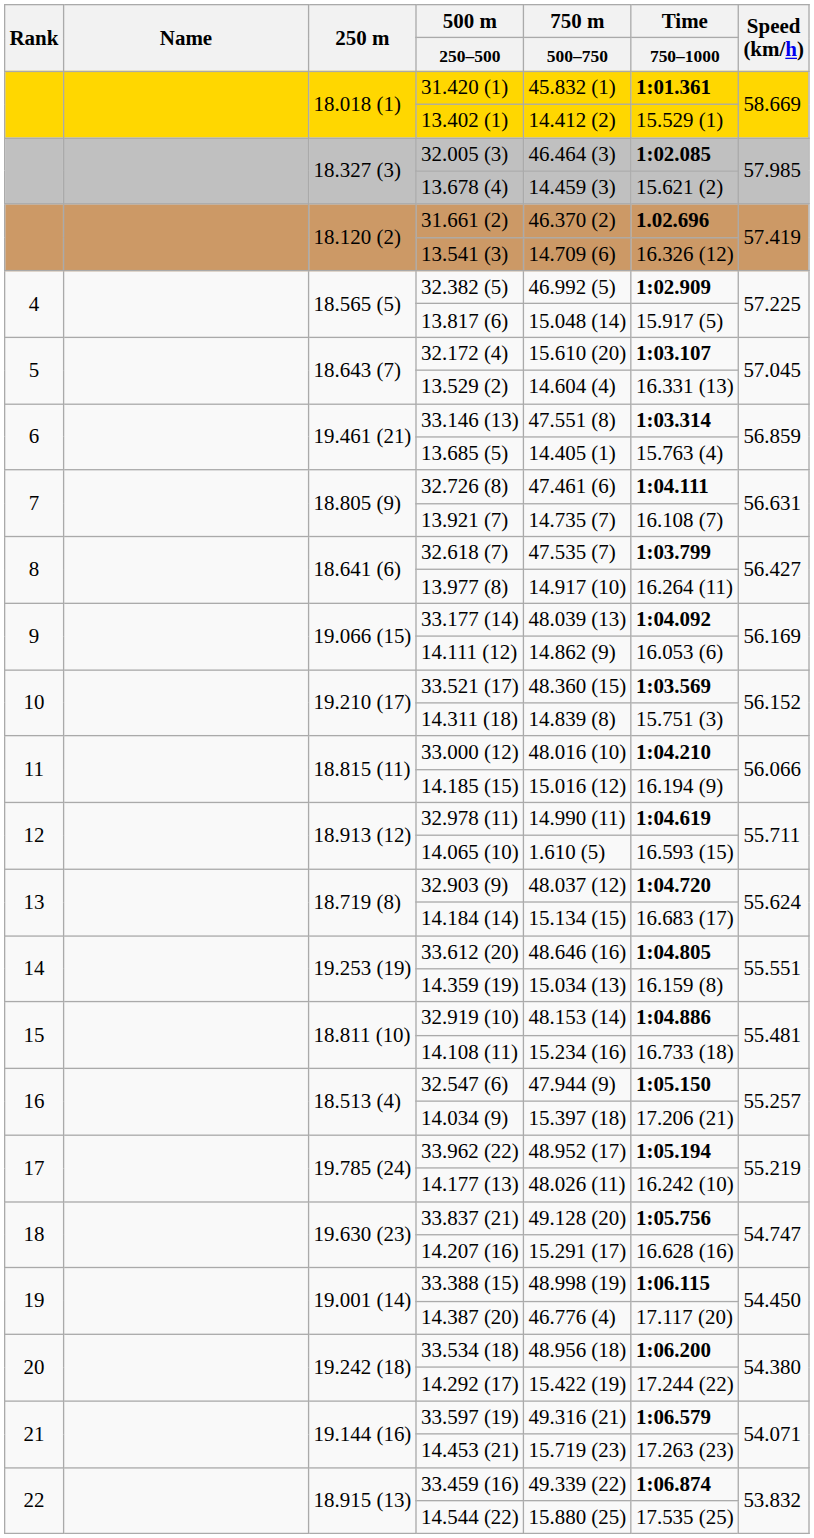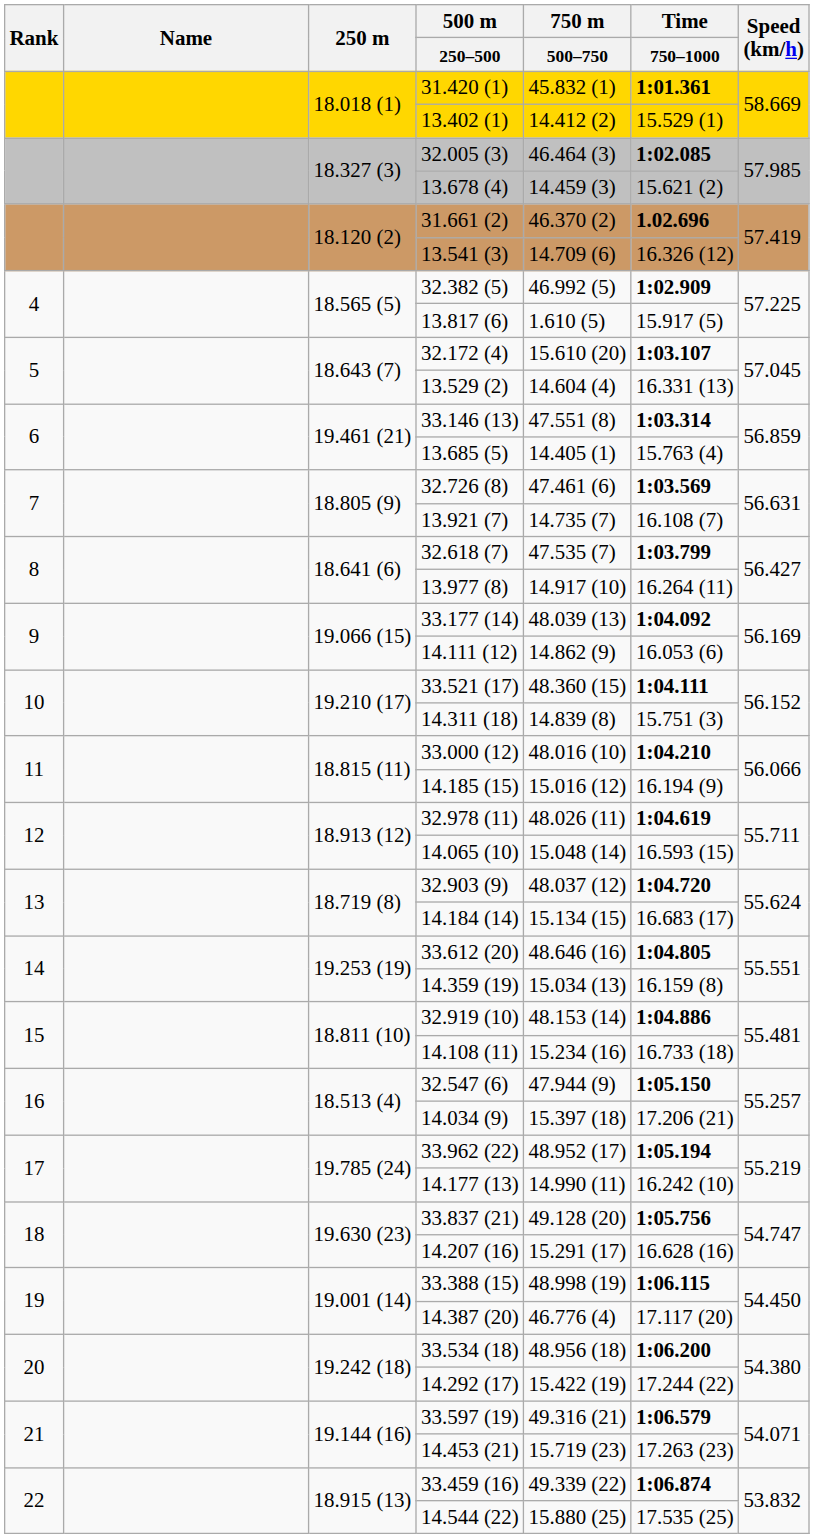 <table class="wikitable">
 <tr>
 <th rowspan=2 width=20>Rank</th>
 <th rowspan=2 width=180>Name</th>
 <th rowspan=2>250 m</th>
 <th>500 m</th>
 <th>750 m</th>
 <th>Time</th>
 <th rowspan=2>Speed<br>(km/<a href='#'>h</a>)</th>
 </tr>
 <tr>
 <th><small>250–500</small></th>
 <th><small>500–750</small></th>
 <th><small>750–1000</small></th>
 </tr>
 <tr bgcolor=gold>
 <td align=center rowspan=2></td>
 <td rowspan=2></td>
 <td rowspan=2>18.018 (1)</td>
 <td>31.420 (1)</td>
 <td>45.832 (1)</td>
 <td><strong>1:01.361</strong></td>
 <td rowspan=2>58.669</td>
 </tr>
 <tr bgcolor=gold>
 <td>13.402 (1)</td>
 <td>14.412 (2)</td>
 <td>15.529 (1)</td>
 </tr>
 <tr bgcolor=silver>
 <td align=center rowspan=2></td>
 <td rowspan=2></td>
 <td rowspan=2>18.327 (3)</td>
 <td>32.005 (3)</td>
 <td>46.464 (3)</td>
 <td><strong>1:02.085</strong></td>
 <td rowspan=2>57.985</td>
 </tr>
 <tr bgcolor=silver>
 <td>13.678 (4)</td>
 <td>14.459 (3)</td>
 <td>15.621 (2)</td>
 </tr>
 <tr bgcolor=cc9966>
 <td align=center rowspan=2></td>
 <td rowspan=2></td>
 <td rowspan=2>18.120 (2)</td>
 <td>31.661 (2)</td>
 <td>46.370 (2)</td>
 <td><strong>1.02.696</strong></td>
 <td rowspan=2>57.419</td>
 </tr>
 <tr bgcolor=cc9966>
 <td>13.541 (3)</td>
 <td>14.709 (6)</td>
 <td>16.326 (12)</td>
 </tr>
 <tr>
 <td align=center rowspan=2>4</td>
 <td rowspan=2></td>
 <td rowspan=2>18.565 (5)</td>
 <td>32.382 (5)</td>
 <td>46.992 (5)</td>
 <td><strong>1:02.909</strong></td>
 <td rowspan=2>57.225</td>
 </tr>
 <tr>
 <td>13.817 (6)</td>
-<td>15.048 (14)</td>
+<td>1.610 (5)</td>
 <td>15.917 (5)</td>
 </tr>
 <tr>
 <td align=center rowspan=2>5</td>
 <td rowspan=2></td>
 <td rowspan=2>18.643 (7)</td>
 <td>32.172 (4)</td>
 <td>15.610 (20)</td>
 <td><strong>1:03.107</strong></td>
 <td rowspan=2>57.045</td>
 </tr>
 <tr>
 <td>13.529 (2)</td>
 <td>14.604 (4)</td>
 <td>16.331 (13)</td>
 </tr>
 <tr>
 <td align=center rowspan=2>6</td>
 <td rowspan=2></td>
 <td rowspan=2>19.461 (21)</td>
 <td>33.146 (13)</td>
 <td>47.551 (8)</td>
 <td><strong>1:03.314</strong></td>
 <td rowspan=2>56.859</td>
 </tr>
 <tr>
 <td>13.685 (5)</td>
 <td>14.405 (1)</td>
 <td>15.763 (4)</td>
 </tr>
 <tr>
 <td align=center rowspan=2>7</td>
 <td rowspan=2></td>
 <td rowspan=2>18.805 (9)</td>
 <td>32.726 (8)</td>
 <td>47.461 (6)</td>
-<td><strong>1:04.111</strong></td>
+<td><strong>1:03.569</strong></td>
 <td rowspan=2>56.631</td>
 </tr>
 <tr>
 <td>13.921 (7)</td>
 <td>14.735 (7)</td>
 <td>16.108 (7)</td>
 </tr>
 <tr>
 <td align=center rowspan=2>8</td>
 <td rowspan=2></td>
 <td rowspan=2>18.641 (6)</td>
 <td>32.618 (7)</td>
 <td>47.535 (7)</td>
 <td><strong>1:03.799</strong></td>
 <td rowspan=2>56.427</td>
 </tr>
 <tr>
 <td>13.977 (8)</td>
 <td>14.917 (10)</td>
 <td>16.264 (11)</td>
 </tr>
 <tr>
 <td align=center rowspan=2>9</td>
 <td rowspan=2></td>
 <td rowspan=2>19.066 (15)</td>
 <td>33.177 (14)</td>
 <td>48.039 (13)</td>
 <td><strong>1:04.092</strong></td>
 <td rowspan=2>56.169</td>
 </tr>
 <tr>
 <td>14.111 (12)</td>
 <td>14.862 (9)</td>
 <td>16.053 (6)</td>
 </tr>
 <tr>
 <td align=center rowspan=2>10</td>
 <td rowspan=2></td>
 <td rowspan=2>19.210 (17)</td>
 <td>33.521 (17)</td>
 <td>48.360 (15)</td>
-<td><strong>1:03.569</strong></td>
+<td><strong>1:04.111</strong></td>
 <td rowspan=2>56.152</td>
 </tr>
 <tr>
 <td>14.311 (18)</td>
 <td>14.839 (8)</td>
 <td>15.751 (3)</td>
 </tr>
 <tr>
 <td align=center rowspan=2>11</td>
 <td rowspan=2></td>
 <td rowspan=2>18.815 (11)</td>
 <td>33.000 (12)</td>
 <td>48.016 (10)</td>
 <td><strong>1:04.210</strong></td>
 <td rowspan=2>56.066</td>
 </tr>
 <tr>
 <td>14.185 (15)</td>
 <td>15.016 (12)</td>
 <td>16.194 (9)</td>
 </tr>
 <tr>
 <td align=center rowspan=2>12</td>
 <td rowspan=2></td>
 <td rowspan=2>18.913 (12)</td>
 <td>32.978 (11)</td>
-<td>14.990 (11)</td>
+<td>48.026 (11)</td>
 <td><strong>1:04.619</strong></td>
 <td rowspan=2>55.711</td>
 </tr>
 <tr>
 <td>14.065 (10)</td>
-<td>1.610 (5)</td>
+<td>15.048 (14)</td>
 <td>16.593 (15)</td>
 </tr>
 <tr>
 <td align=center rowspan=2>13</td>
 <td rowspan=2></td>
 <td rowspan=2>18.719 (8)</td>
 <td>32.903 (9)</td>
 <td>48.037 (12)</td>
 <td><strong>1:04.720</strong></td>
 <td rowspan=2>55.624</td>
 </tr>
 <tr>
 <td>14.184 (14)</td>
 <td>15.134 (15)</td>
 <td>16.683 (17)</td>
 </tr>
 <tr>
 <td align=center rowspan=2>14</td>
 <td rowspan=2></td>
 <td rowspan=2>19.253 (19)</td>
 <td>33.612 (20)</td>
 <td>48.646 (16)</td>
 <td><strong>1:04.805</strong></td>
 <td rowspan=2>55.551</td>
 </tr>
 <tr>
 <td>14.359 (19)</td>
 <td>15.034 (13)</td>
 <td>16.159 (8)</td>
 </tr>
 <tr>
 <td align=center rowspan=2>15</td>
 <td rowspan=2></td>
 <td rowspan=2>18.811 (10)</td>
 <td>32.919 (10)</td>
 <td>48.153 (14)</td>
 <td><strong>1:04.886</strong></td>
 <td rowspan=2>55.481</td>
 </tr>
 <tr>
 <td>14.108 (11)</td>
 <td>15.234 (16)</td>
 <td>16.733 (18)</td>
 </tr>
 <tr>
 <td align=center rowspan=2>16</td>
 <td rowspan=2></td>
 <td rowspan=2>18.513 (4)</td>
 <td>32.547 (6)</td>
 <td>47.944 (9)</td>
 <td><strong>1:05.150</strong></td>
 <td rowspan=2>55.257</td>
 </tr>
 <tr>
 <td>14.034 (9)</td>
 <td>15.397 (18)</td>
 <td>17.206 (21)</td>
 </tr>
 <tr>
 <td align=center rowspan=2>17</td>
 <td rowspan=2></td>
 <td rowspan=2>19.785 (24)</td>
 <td>33.962 (22)</td>
 <td>48.952 (17)</td>
 <td><strong>1:05.194</strong></td>
 <td rowspan=2>55.219</td>
 </tr>
 <tr>
 <td>14.177 (13)</td>
-<td>48.026 (11)</td>
+<td>14.990 (11)</td>
 <td>16.242 (10)</td>
 </tr>
 <tr>
 <td align=center rowspan=2>18</td>
 <td rowspan=2></td>
 <td rowspan=2>19.630 (23)</td>
 <td>33.837 (21)</td>
 <td>49.128 (20)</td>
 <td><strong>1:05.756</strong></td>
 <td rowspan=2>54.747</td>
 </tr>
 <tr>
 <td>14.207 (16)</td>
 <td>15.291 (17)</td>
 <td>16.628 (16)</td>
 </tr>
 <tr>
 <td align=center rowspan=2>19</td>
 <td rowspan=2></td>
 <td rowspan=2>19.001 (14)</td>
 <td>33.388 (15)</td>
 <td>48.998 (19)</td>
 <td><strong>1:06.115</strong></td>
 <td rowspan=2>54.450</td>
 </tr>
 <tr>
 <td>14.387 (20)</td>
 <td>46.776 (4)</td>
 <td>17.117 (20)</td>
 </tr>
 <tr>
 <td align=center rowspan=2>20</td>
 <td rowspan=2></td>
 <td rowspan=2>19.242 (18)</td>
 <td>33.534 (18)</td>
 <td>48.956 (18)</td>
 <td><strong>1:06.200</strong></td>
 <td rowspan=2>54.380</td>
 </tr>
 <tr>
 <td>14.292 (17)</td>
 <td>15.422 (19)</td>
 <td>17.244 (22)</td>
 </tr>
 <tr>
 <td align=center rowspan=2>21</td>
 <td rowspan=2></td>
 <td rowspan=2>19.144 (16)</td>
 <td>33.597 (19)</td>
 <td>49.316 (21)</td>
 <td><strong>1:06.579</strong></td>
 <td rowspan=2>54.071</td>
 </tr>
 <tr>
 <td>14.453 (21)</td>
 <td>15.719 (23)</td>
 <td>17.263 (23)</td>
 </tr>
 <tr>
 <td align=center rowspan=2>22</td>
 <td rowspan=2></td>
 <td rowspan=2>18.915 (13)</td>
 <td>33.459 (16)</td>
 <td>49.339 (22)</td>
 <td><strong>1:06.874</strong></td>
 <td rowspan=2>53.832</td>
 </tr>
 <tr>
 <td>14.544 (22)</td>
 <td>15.880 (25)</td>
 <td>17.535 (25)</td>
 </tr>
 </table>
